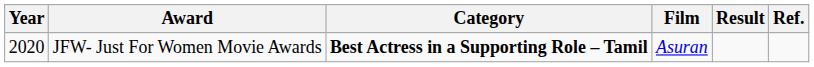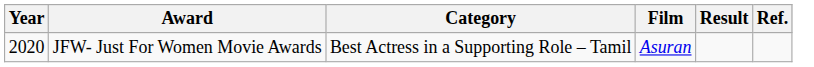 <table class="wikitable sortable">
 <tr style="background:#ccc; text-align:center;">
 <th>Year</th>
 <th>Award</th>
 <th>Category</th>
 <th>Film</th>
 <th>Result</th>
 <th>Ref.</th>
 </tr>
 <tr>
 <td rowspan="2">2020</td>
 <td>JFW- Just For Women Movie Awards</td>
-<td><strong>Best Actress in a Supporting Role – Tamil</strong></td>
+<td>Best Actress in a Supporting Role – Tamil</td>
 <td rowspan="7"><em><a href='#'>Asuran</a></em></td>
 <td></td>
 <td></td>
 </tr>
 </table>
